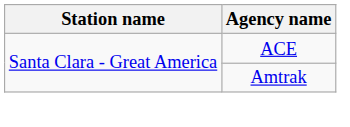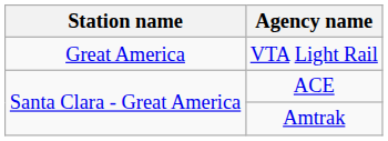 <table class="wikitable" style="text-align:center">
 <tr>
 <th style="text-align:center;">Station name</th>
 <th style="text-align:center;">Agency name</th>
+</tr>
+<tr>
+<td><a href='#'>Great America</a></td>
+<td><a href='#'>VTA</a> <a href='#'>Light Rail</a></td>
 </tr>
 <tr>
 <td rowspan=2><a href='#'>Santa Clara - Great America</a></td>
 <td><a href='#'>ACE</a></td>
 </tr>
 <tr>
 <td><a href='#'>Amtrak</a></td>
 </tr>
 </table>
